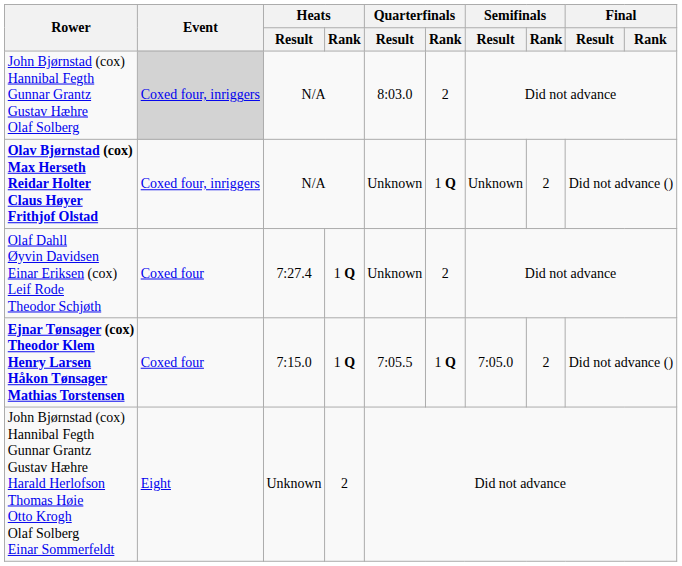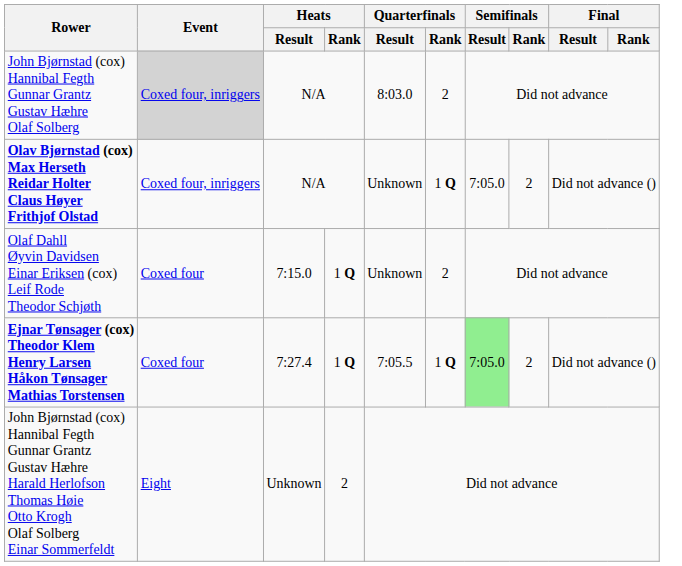 <table class=wikitable style="font-size:90%">
 <tr>
 <th rowspan=2>Rower</th>
 <th rowspan=2>Event</th>
 <th colspan=2>Heats</th>
 <th colspan=2>Quarterfinals</th>
 <th colspan=2>Semifinals</th>
 <th colspan=2>Final</th>
 </tr>
 <tr>
 <th>Result</th>
 <th>Rank</th>
 <th>Result</th>
 <th>Rank</th>
 <th>Result</th>
 <th>Rank</th>
 <th>Result</th>
 <th>Rank</th>
 </tr>
 <tr>
 <td><a href='#'>John Bjørnstad</a> (cox) <br> <a href='#'>Hannibal Fegth</a> <br> <a href='#'>Gunnar Grantz</a> <br> <a href='#'>Gustav Hæhre</a> <br> <a href='#'>Olaf Solberg</a></td>
 <td style="background: lightgrey;"><a href='#'>Coxed four, inriggers</a></td>
 <td align=center colspan=2>N/A</td>
 <td align=center>8:03.0</td>
 <td align=center>2</td>
 <td align=center colspan=4>Did not advance</td>
 </tr>
 <tr>
 <td><strong><a href='#'>Olav Bjørnstad</a> (cox) <br> <a href='#'>Max Herseth</a> <br> <a href='#'>Reidar Holter</a> <br> <a href='#'>Claus Høyer</a> <br> <a href='#'>Frithjof Olstad</a></strong></td>
 <td><a href='#'>Coxed four, inriggers</a></td>
 <td align=center colspan=2>N/A</td>
 <td align=center>Unknown</td>
 <td align=center>1 <strong>Q</strong></td>
-<td align=center>Unknown</td>
+<td align=center>7:05.0</td>
 <td align=center>2</td>
 <td align=center colspan=2>Did not advance ()</td>
 </tr>
 <tr>
 <td><a href='#'>Olaf Dahll</a> <br> <a href='#'>Øyvin Davidsen</a> <br> <a href='#'>Einar Eriksen</a> (cox) <br> <a href='#'>Leif Rode</a> <br> <a href='#'>Theodor Schjøth</a></td>
 <td><a href='#'>Coxed four</a></td>
-<td align=center>7:27.4</td>
+<td align=center>7:15.0</td>
 <td align=center>1 <strong>Q</strong></td>
 <td align=center>Unknown</td>
 <td align=center>2</td>
 <td align=center colspan=4>Did not advance</td>
 </tr>
 <tr>
 <td><strong><a href='#'>Ejnar Tønsager</a> (cox) <br> <a href='#'>Theodor Klem</a> <br> <a href='#'>Henry Larsen</a> <br> <a href='#'>Håkon Tønsager</a> <br> <a href='#'>Mathias Torstensen</a></strong></td>
 <td><a href='#'>Coxed four</a></td>
-<td align=center>7:15.0</td>
+<td align=center>7:27.4</td>
 <td align=center>1 <strong>Q</strong></td>
 <td align=center>7:05.5</td>
 <td align=center>1 <strong>Q</strong></td>
-<td align=center>7:05.0</td>
+<td align=center style="background: lightgreen;">7:05.0</td>
 <td align=center>2</td>
 <td align=center colspan=2>Did not advance ()</td>
 </tr>
 <tr>
 <td>John Bjørnstad (cox) <br> Hannibal Fegth <br> Gunnar Grantz <br> Gustav Hæhre <br> <a href='#'>Harald Herlofson</a> <br> <a href='#'>Thomas Høie</a> <br> <a href='#'>Otto Krogh</a> <br> Olaf Solberg <br> <a href='#'>Einar Sommerfeldt</a></td>
 <td><a href='#'>Eight</a></td>
 <td align=center>Unknown</td>
 <td align=center>2</td>
 <td align=center colspan=6>Did not advance</td>
 </tr>
 </table>
